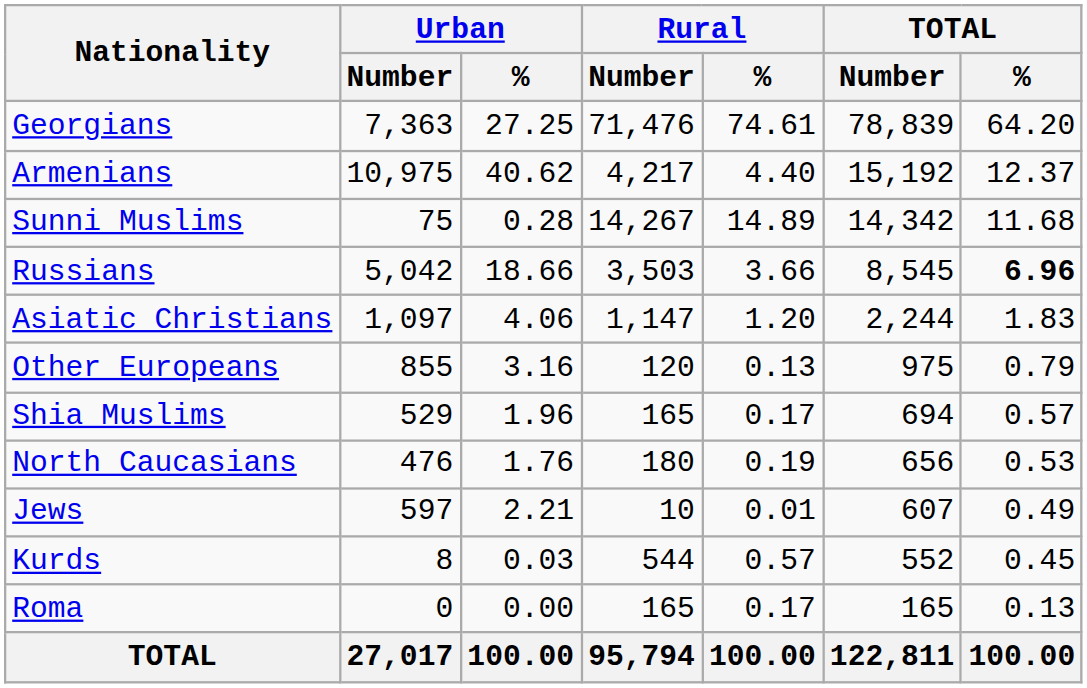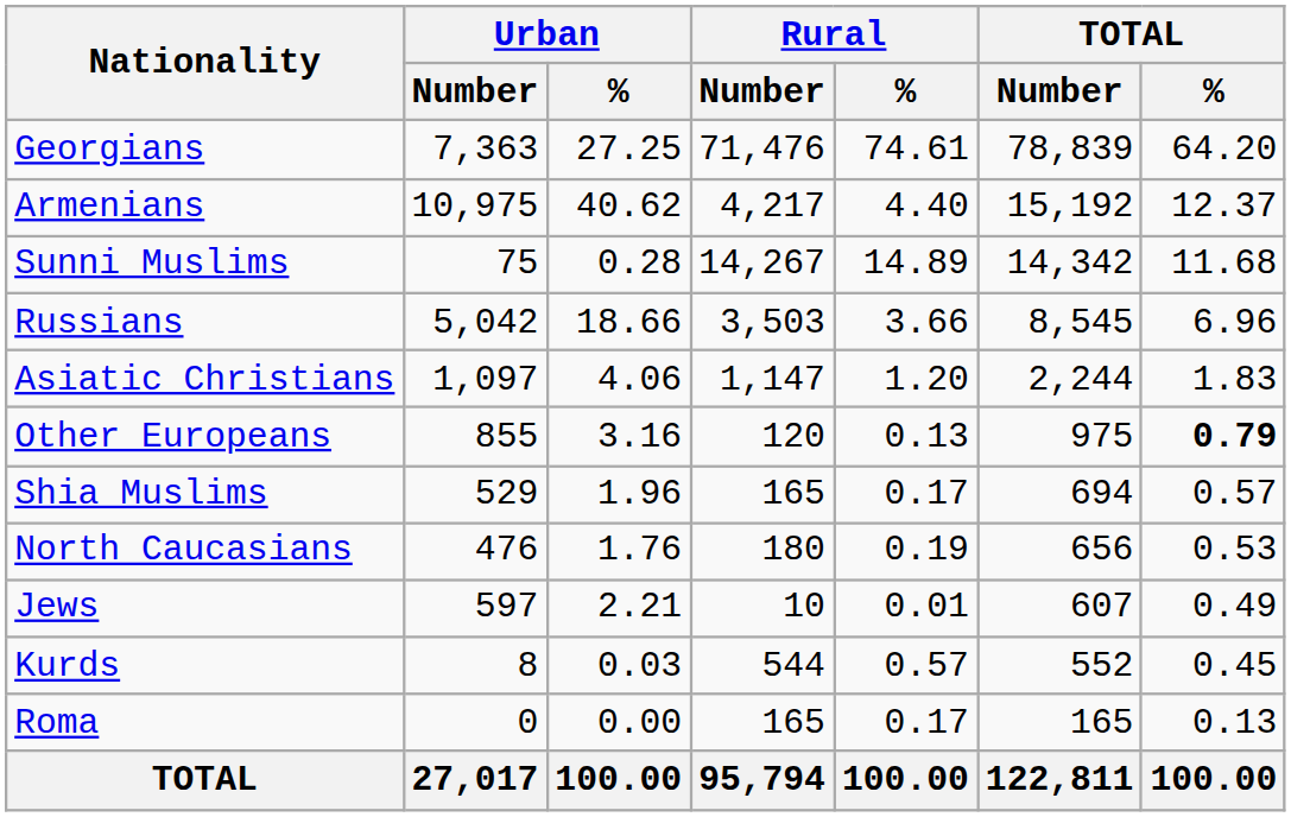 <table class="wikitable sortable">
 <tr>
 <th rowspan="2">Nationality</th>
 <th colspan="2"><a href='#'>Urban</a></th>
 <th colspan="2"><a href='#'>Rural</a></th>
 <th colspan="2">TOTAL</th>
 </tr>
 <tr>
 <th>Number</th>
 <th>%</th>
 <th>Number</th>
 <th>%</th>
 <th>Number</th>
 <th>%</th>
 </tr>
 <tr>
 <td><a href='#'>Georgians</a></td>
 <td align="right">7,363</td>
 <td align="right">27.25</td>
 <td align="right">71,476</td>
 <td align="right">74.61</td>
 <td align="right">78,839</td>
 <td align="right">64.20</td>
 </tr>
 <tr>
 <td><a href='#'>Armenians</a></td>
 <td align="right">10,975</td>
 <td align="right">40.62</td>
 <td align="right">4,217</td>
 <td align="right">4.40</td>
 <td align="right">15,192</td>
 <td align="right">12.37</td>
 </tr>
 <tr>
 <td><a href='#'>Sunni Muslims</a></td>
 <td align="right">75</td>
 <td align="right">0.28</td>
 <td align="right">14,267</td>
 <td align="right">14.89</td>
 <td align="right">14,342</td>
 <td align="right">11.68</td>
 </tr>
 <tr>
 <td><a href='#'>Russians</a></td>
 <td align="right">5,042</td>
 <td align="right">18.66</td>
 <td align="right">3,503</td>
 <td align="right">3.66</td>
 <td align="right">8,545</td>
-<td align="right"><strong>6.96</strong></td>
+<td align="right">6.96</td>
 </tr>
 <tr>
 <td><a href='#'>Asiatic Christians</a></td>
 <td align="right">1,097</td>
 <td align="right">4.06</td>
 <td align="right">1,147</td>
 <td align="right">1.20</td>
 <td align="right">2,244</td>
 <td align="right">1.83</td>
 </tr>
 <tr>
 <td><a href='#'>Other Europeans</a></td>
 <td align="right">855</td>
 <td align="right">3.16</td>
 <td align="right">120</td>
 <td align="right">0.13</td>
 <td align="right">975</td>
-<td align="right">0.79</td>
+<td align="right"><strong>0.79</strong></td>
 </tr>
 <tr>
 <td><a href='#'>Shia Muslims</a></td>
 <td align="right">529</td>
 <td align="right">1.96</td>
 <td align="right">165</td>
 <td align="right">0.17</td>
 <td align="right">694</td>
 <td align="right">0.57</td>
 </tr>
 <tr>
 <td><a href='#'>North Caucasians</a></td>
 <td align="right">476</td>
 <td align="right">1.76</td>
 <td align="right">180</td>
 <td align="right">0.19</td>
 <td align="right">656</td>
 <td align="right">0.53</td>
 </tr>
 <tr>
 <td><a href='#'>Jews</a></td>
 <td align="right">597</td>
 <td align="right">2.21</td>
 <td align="right">10</td>
 <td align="right">0.01</td>
 <td align="right">607</td>
 <td align="right">0.49</td>
 </tr>
 <tr>
 <td><a href='#'>Kurds</a></td>
 <td align="right">8</td>
 <td align="right">0.03</td>
 <td align="right">544</td>
 <td align="right">0.57</td>
 <td align="right">552</td>
 <td align="right">0.45</td>
 </tr>
 <tr>
 <td><a href='#'>Roma</a></td>
 <td align="right">0</td>
 <td align="right">0.00</td>
 <td align="right">165</td>
 <td align="right">0.17</td>
 <td align="right">165</td>
 <td align="right">0.13</td>
 </tr>
 <tr>
 <th>TOTAL</th>
 <th>27,017</th>
 <th>100.00</th>
 <th>95,794</th>
 <th>100.00</th>
 <th>122,811</th>
 <th>100.00</th>
 </tr>
 </table>
